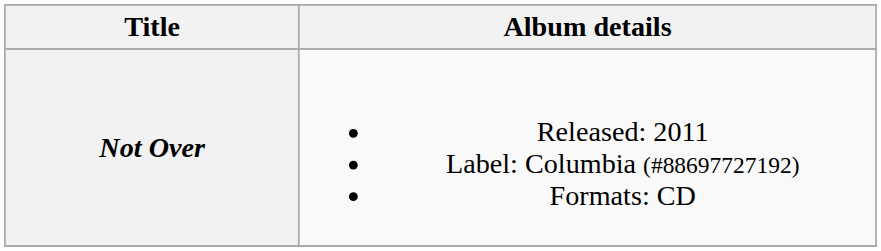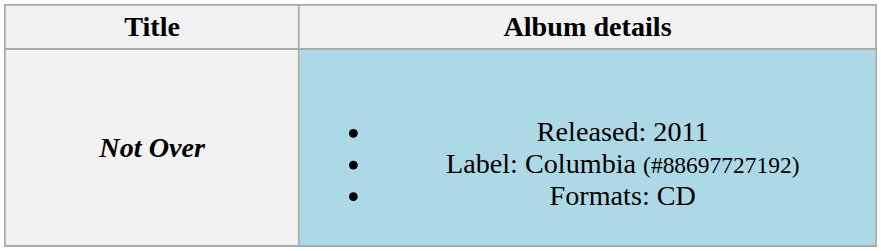 <table class="wikitable plainrowheaders" style="text-align:center;">
 <tr>
 <th style="width:10em;">Title</th>
 <th style="width:20em;">Album details</th>
 </tr>
 <tr>
 </tr>
 <tr>
 <th scope="row"><em>Not Over</em></th>
-<td><br><ul><li>Released: 2011</li><li>Label: Columbia <small>(#88697727192)</small></li><li>Formats: CD</li></ul></td>
+<td style="background: lightblue;"><br><ul><li>Released: 2011</li><li>Label: Columbia <small>(#88697727192)</small></li><li>Formats: CD</li></ul></td>
 </tr>
 <tr>
 </tr>
 </table>
